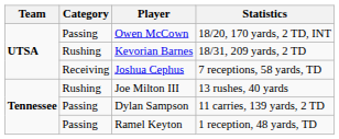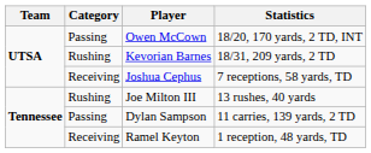 <table class="wikitable" style="float: right;">
 <tr>
 <th>Team</th>
 <th>Category</th>
 <th>Player</th>
 <th>Statistics</th>
 </tr>
 <tr>
 <td rowspan=3><strong>UTSA</strong></td>
 <td>Passing</td>
 <td><a href='#'>Owen McCown</a></td>
 <td>18/20, 170 yards, 2 TD, INT</td>
 </tr>
 <tr>
 <td>Rushing</td>
 <td><a href='#'>Kevorian Barnes</a></td>
 <td>18/31, 209 yards, 2 TD</td>
 </tr>
 <tr>
 <td>Receiving</td>
 <td><a href='#'>Joshua Cephus</a></td>
 <td>7 receptions, 58 yards, TD</td>
 </tr>
 <tr>
 <td rowspan=3><strong>Tennessee</strong></td>
 <td>Rushing</td>
 <td>Joe Milton III</td>
 <td>13 rushes, 40 yards</td>
 </tr>
 <tr>
 <td>Passing</td>
 <td>Dylan Sampson</td>
 <td>11 carries, 139 yards, 2 TD</td>
 </tr>
 <tr>
-<td>Passing</td>
+<td>Receiving</td>
 <td>Ramel Keyton</td>
 <td>1 reception, 48 yards, TD</td>
 </tr>
 </table>
